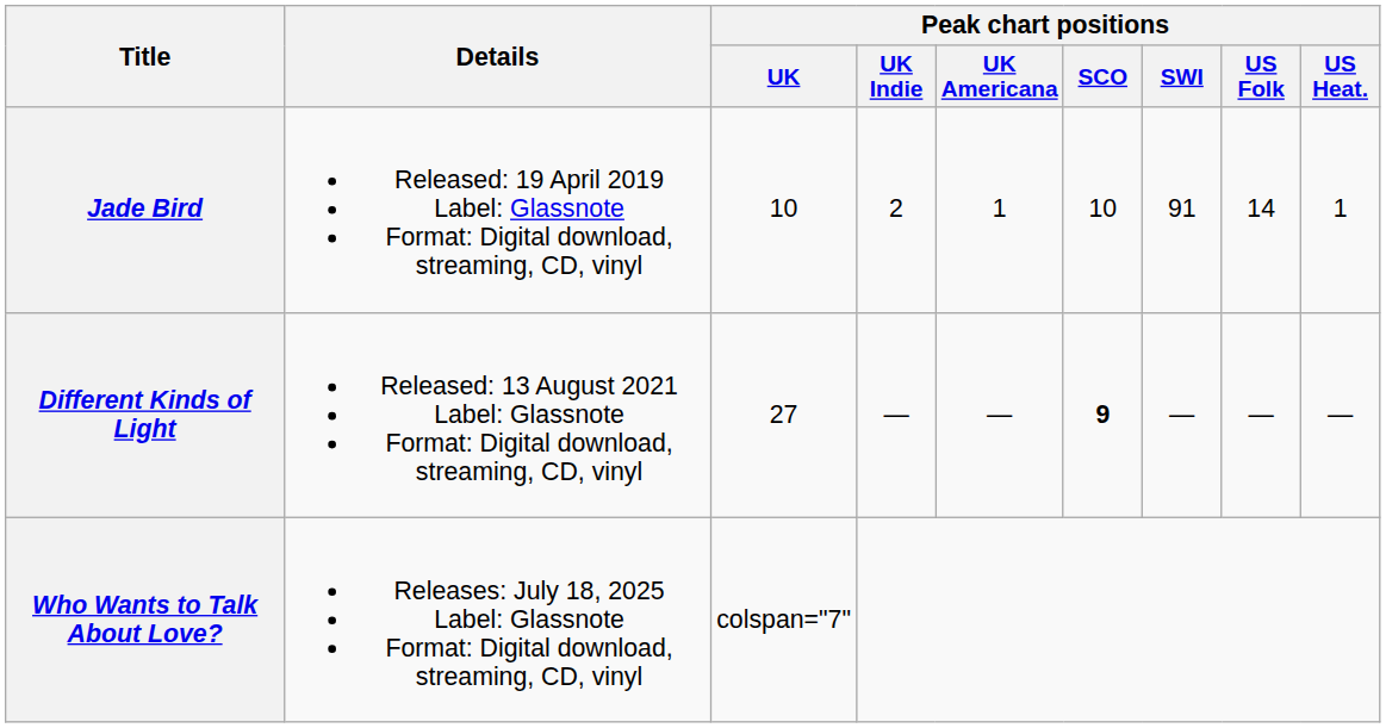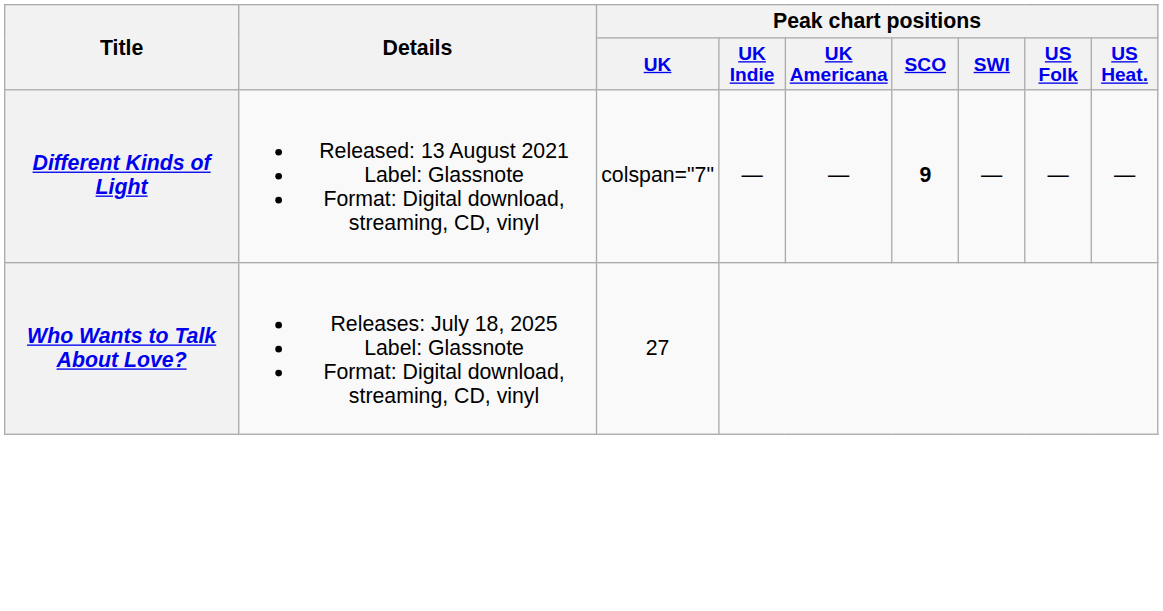 <table class="wikitable plainrowheaders" style="text-align:center;">
 <tr>
 <th scope="col" rowspan="2">Title</th>
 <th scope="col" rowspan="2">Details</th>
 <th scope="col" colspan="7">Peak chart positions</th>
 </tr>
 <tr>
 <th scope="col" style="width:3em;font-size:90%;"><a href='#'>UK</a><br></th>
 <th scope="col" style="width:3em;font-size:90%;"><a href='#'>UK<br>Indie</a><br></th>
 <th scope="col" style="width:3em;font-size:90%;"><a href='#'>UK<br>Americana</a><br></th>
 <th scope="col" style="width:3em;font-size:90%;"><a href='#'>SCO</a><br></th>
 <th scope="col" style="width:3em;font-size:90%;"><a href='#'>SWI</a><br></th>
 <th scope="col" style="width:3em;font-size:90%;"><a href='#'>US<br>Folk</a><br></th>
 <th scope="col" style="width:3em;font-size:90%;"><a href='#'>US<br>Heat.</a><br></th>
 </tr>
 <tr>
-<th scope="row"><em><a href='#'>Jade Bird</a></em></th>
-<td><br><ul><li>Released: 19 April 2019</li><li>Label: <a href='#'>Glassnote</a></li><li>Format: Digital download, streaming, CD, vinyl</li></ul></td>
-<td>10</td>
-<td>2</td>
-<td>1</td>
-<td>10</td>
-<td>91</td>
-<td>14</td>
-<td>1</td>
-</tr>
-<tr>
 <th scope="row"><em><a href='#'>Different Kinds of Light</a></em></th>
 <td><br><ul><li>Released: 13 August 2021</li><li>Label: Glassnote</li><li>Format: Digital download, streaming, CD, vinyl</li></ul></td>
-<td>27</td>
+<td>colspan="7" </td>
 <td>—</td>
 <td>—</td>
 <td><strong>9</strong></td>
 <td>—</td>
 <td>—</td>
 <td>—</td>
 </tr>
 <tr>
 <th scope="row"><em><a href='#'>Who Wants to Talk About Love?</a></em></th>
 <td><br><ul><li>Releases: July 18, 2025</li><li>Label: Glassnote</li><li>Format: Digital download, streaming, CD, vinyl</li></ul></td>
-<td>colspan="7" </td>
+<td>27</td>
 </tr>
 </table>
